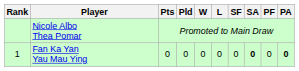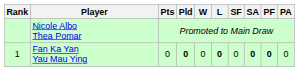 <table class=wikitable style="text-align:center; font-size:90%">
 <tr>
 <th width="20">Rank</th>
 <th width="200">Player</th>
 <th width="20">Pts</th>
 <th width="20">Pld</th>
 <th width="20">W</th>
 <th width="20">L</th>
 <th width="20">SF</th>
 <th width="20">SA</th>
 <th width="20">PF</th>
 <th width="20">PA</th>
 </tr>
 <tr bgcolor="#ccffcc">
 <td></td>
 <td style="text-align:left"> <a href='#'>Nicole Albo</a><br> <a href='#'>Thea Pomar</a></td>
 <td bgcolor="#ccffcc" colspan="8"><em>Promoted to Main Draw</em></td>
 </tr>
 <tr bgcolor="#ccffcc">
 <td>1</td>
 <td style="text-align:left"> <a href='#'>Fan Ka Yan</a><br> <a href='#'>Yau Mau Ying</a></td>
 <td>0</td>
-<td>0</td>
-<td>0</td>
-<td>0</td>
+<td><strong>0</strong></td>
 <td>0</td>
 <td><strong>0</strong></td>
 <td>0</td>
 <td><strong>0</strong></td>
+<td><strong>0</strong></td>
+<td>0</td>
 </tr>
 </table>
